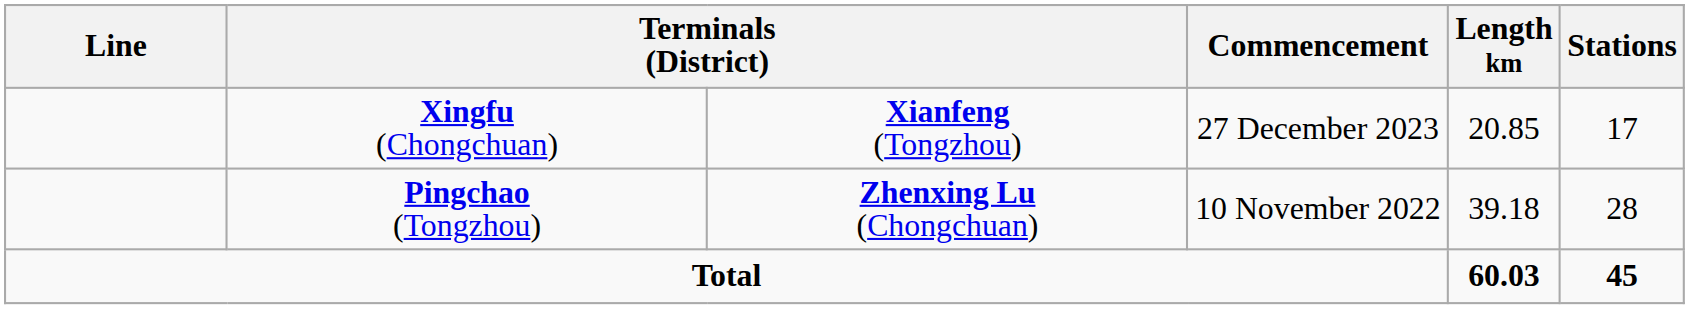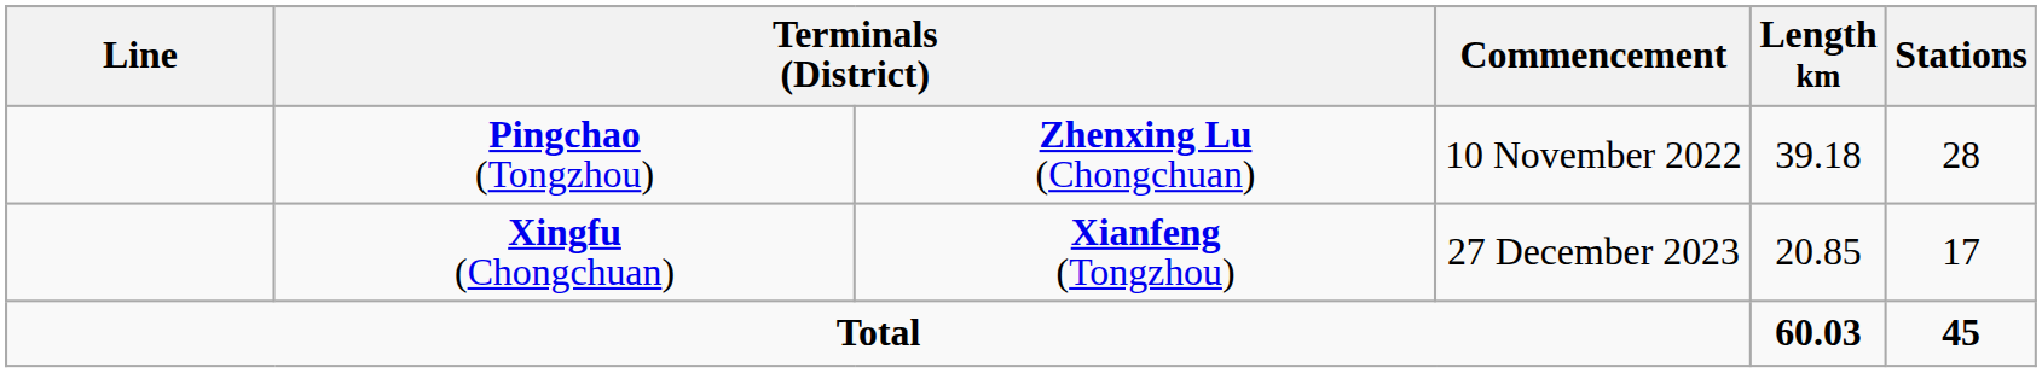 <table class="wikitable sortable" style="cell-padding:1.5; font-size:96%; text-align:center;">
 <tr>
 <th data-sort-type="text"style="width:100px;">Line</th>
 <th class="unsortable" colspan="2" style="width:400px; line-height:1.05">Terminals<br>(District)</th>
 <th>Commencement</th>
 <th style="line-height:1.05">Length<br><small>km</small></th>
 <th style="line-height:1.05">Stations</th>
 </tr>
 <tr>
 <td style="text-align:center; line-height:1.05"></td>
+<td style="text-align:center; width:225px; line-height:1.05"><strong><a href='#'>Pingchao</a></strong><br>(<a href='#'>Tongzhou</a>)</td>
+<td style="text-align:center; width:225px; line-height:1.05"><strong><a href='#'>Zhenxing Lu</a></strong><br>(<a href='#'>Chongchuan</a>)</td>
+<td style="text-align:center; line-height:1.05">10 November 2022</td>
+<td style="text-align:center; line-height:1.05">39.18</td>
+<td style="text-align:center; line-height:1.05">28</td>
+</tr>
+<tr>
+<td style="text-align:center; line-height:1.05"></td>
 <td style="text-align:center; width:225px; line-height:1.05"><strong><a href='#'>Xingfu</a></strong><br>(<a href='#'>Chongchuan</a>)</td>
 <td style="text-align:center; width:225px; line-height:1.05"><strong><a href='#'>Xianfeng</a></strong><br>(<a href='#'>Tongzhou</a>)</td>
 <td style="text-align:center; line-height:1.05">27 December 2023</td>
 <td style="text-align:center; line-height:1.05">20.85</td>
 <td style="text-align:center; line-height:1.05">17</td>
 </tr>
 <tr>
-<td style="text-align:center; line-height:1.05"></td>
-<td style="text-align:center; width:225px; line-height:1.05"><strong><a href='#'>Pingchao</a></strong><br>(<a href='#'>Tongzhou</a>)</td>
-<td style="text-align:center; width:225px; line-height:1.05"><strong><a href='#'>Zhenxing Lu</a></strong><br>(<a href='#'>Chongchuan</a>)</td>
-<td style="text-align:center; line-height:1.05">10 November 2022</td>
-<td style="text-align:center; line-height:1.05">39.18</td>
-<td style="text-align:center; line-height:1.05">28</td>
-</tr>
-<tr>
 <td colspan=4><strong>Total</strong></td>
 <td style="text-align:center; line-height:1.05"><strong>60.03</strong></td>
 <td style="text-align:center; line-height:1.05"><strong>45</strong></td>
 </tr>
 </table>
